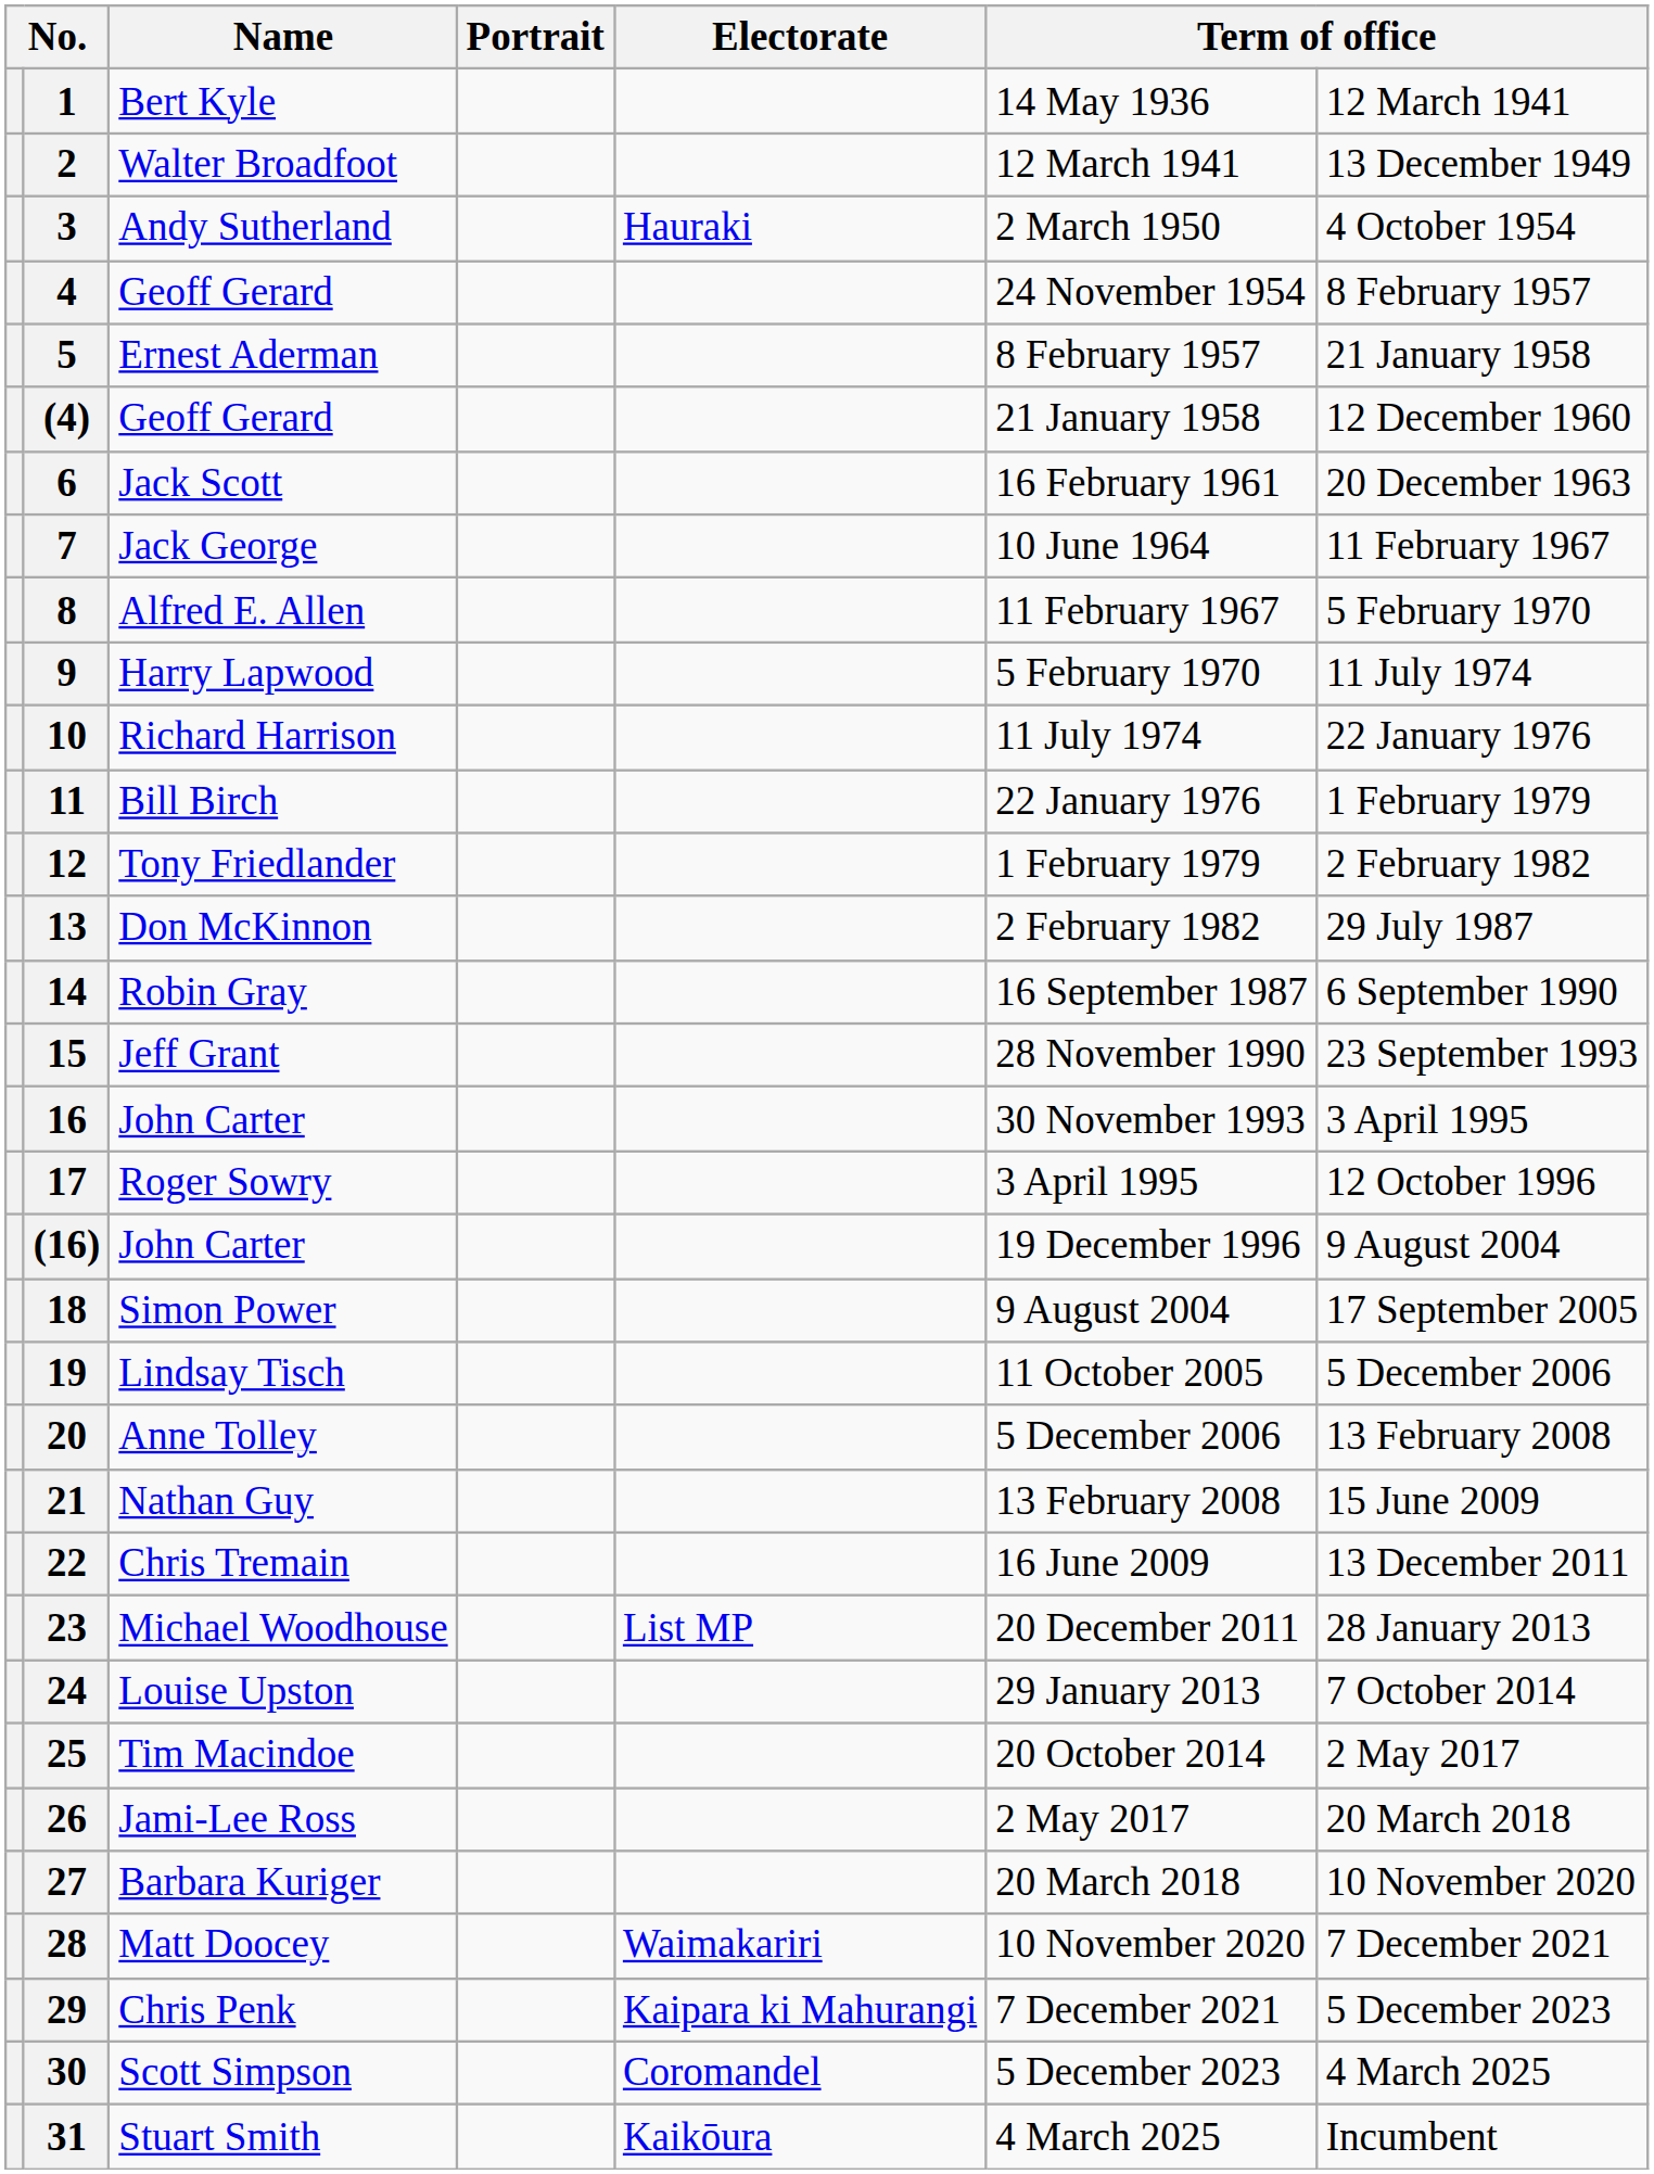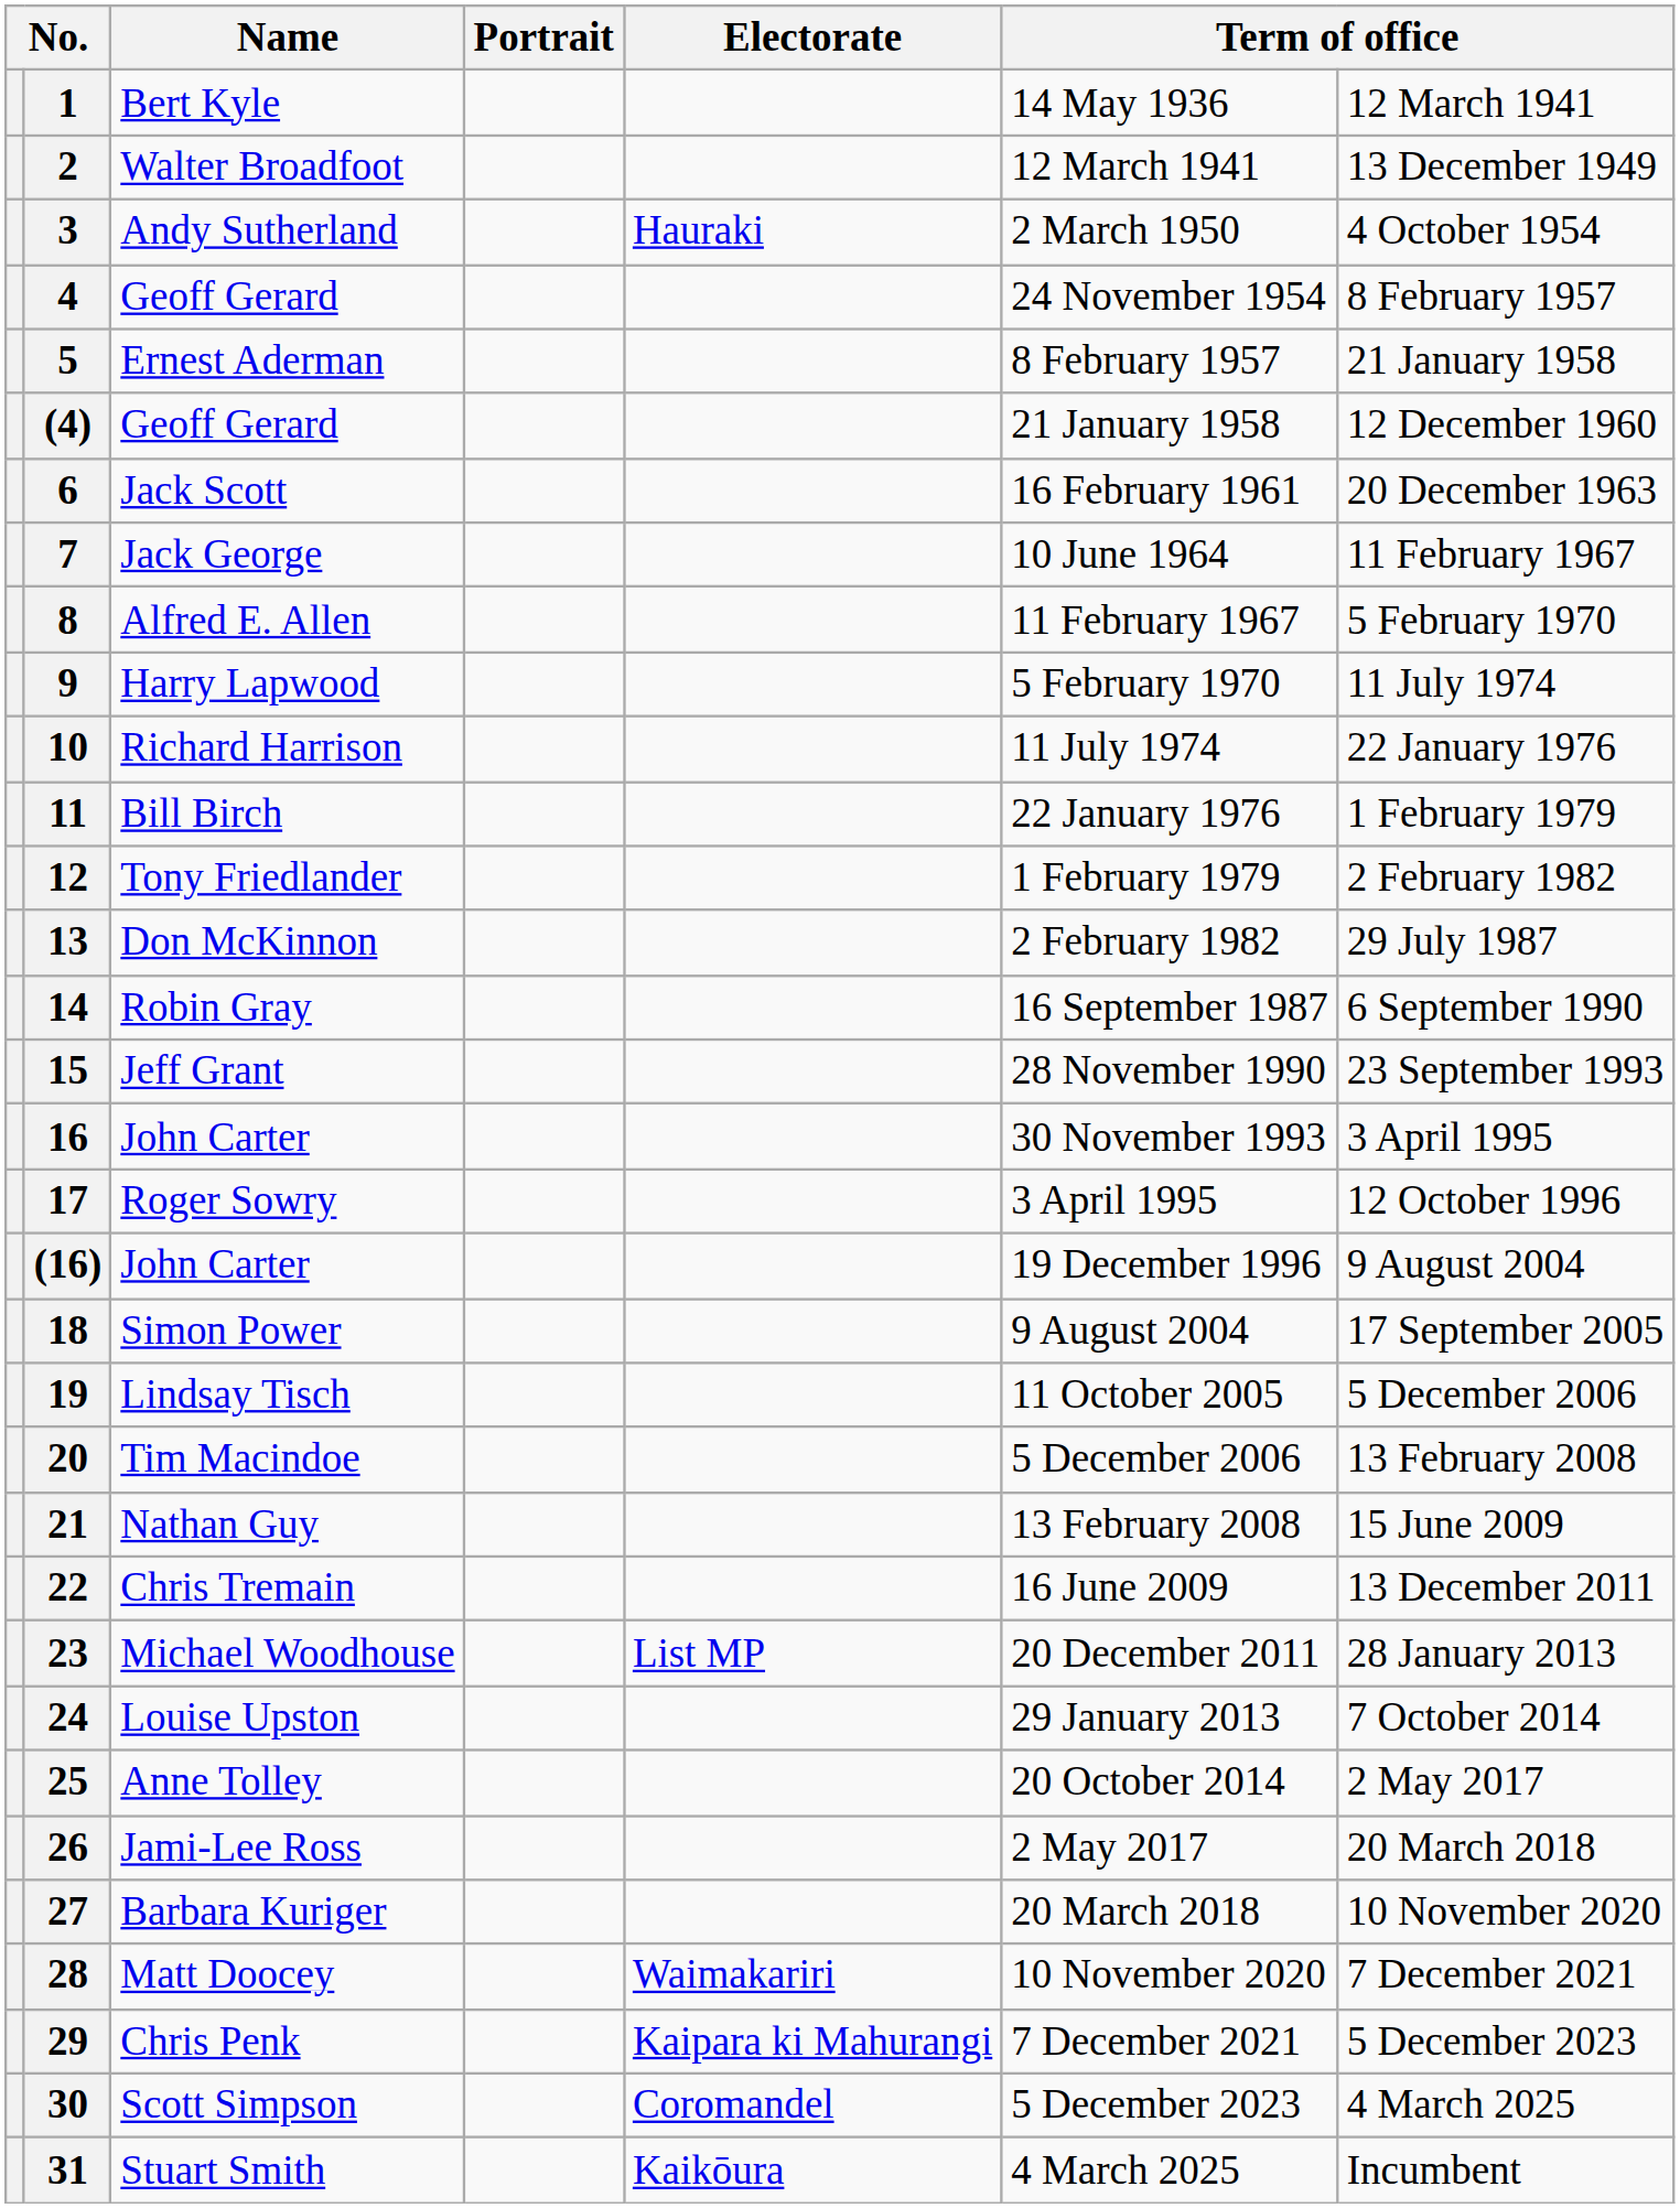 <table class="wikitable">
 <tr>
 <th colspan=2>No.</th>
 <th>Name</th>
 <th>Portrait</th>
 <th>Electorate</th>
 <th colspan=2>Term  of office</th>
 </tr>
 <tr>
 <th style="background:"></th>
 <th>1</th>
 <td><a href='#'>Bert Kyle</a></td>
 <td></td>
 <td></td>
 <td>14 May 1936</td>
 <td>12 March 1941</td>
 </tr>
 <tr>
 <th style="background:"></th>
 <th>2</th>
 <td><a href='#'>Walter Broadfoot</a></td>
 <td></td>
 <td></td>
 <td>12 March 1941</td>
 <td>13 December 1949</td>
 </tr>
 <tr>
 <th style="background:"></th>
 <th>3</th>
 <td><a href='#'>Andy Sutherland</a></td>
 <td></td>
 <td><a href='#'>Hauraki</a></td>
 <td>2 March 1950</td>
 <td>4 October 1954</td>
 </tr>
 <tr>
 <th style="background:"></th>
 <th>4</th>
 <td><a href='#'>Geoff Gerard</a></td>
 <td></td>
 <td></td>
 <td>24 November 1954</td>
 <td>8 February 1957</td>
 </tr>
 <tr>
 <th style="background:"></th>
 <th>5</th>
 <td><a href='#'>Ernest Aderman</a></td>
 <td></td>
 <td></td>
 <td>8 February 1957</td>
 <td>21 January 1958</td>
 </tr>
 <tr>
 <th style="background:"></th>
 <th>(4)</th>
 <td><a href='#'>Geoff Gerard</a></td>
 <td></td>
 <td></td>
 <td>21 January 1958</td>
 <td>12 December 1960</td>
 </tr>
 <tr>
 <th style="background:"></th>
 <th>6</th>
 <td><a href='#'>Jack Scott</a></td>
 <td></td>
 <td></td>
 <td>16 February 1961</td>
 <td>20 December 1963</td>
 </tr>
 <tr>
 <th style="background:"></th>
 <th>7</th>
 <td><a href='#'>Jack George</a></td>
 <td></td>
 <td></td>
 <td>10 June 1964</td>
 <td>11 February 1967</td>
 </tr>
 <tr>
 <th style="background:"></th>
 <th>8</th>
 <td><a href='#'>Alfred E. Allen</a></td>
 <td></td>
 <td></td>
 <td>11 February 1967</td>
 <td>5 February 1970</td>
 </tr>
 <tr>
 <th style="background:"></th>
 <th>9</th>
 <td><a href='#'>Harry Lapwood</a></td>
 <td></td>
 <td></td>
 <td>5 February 1970</td>
 <td>11 July 1974</td>
 </tr>
 <tr>
 <th style="background:"></th>
 <th>10</th>
 <td><a href='#'>Richard Harrison</a></td>
 <td></td>
 <td></td>
 <td>11 July 1974</td>
 <td>22 January 1976</td>
 </tr>
 <tr>
 <th style="background:"></th>
 <th>11</th>
 <td><a href='#'>Bill Birch</a></td>
 <td></td>
 <td></td>
 <td>22 January 1976</td>
 <td>1 February 1979</td>
 </tr>
 <tr>
 <th style="background:"></th>
 <th>12</th>
 <td><a href='#'>Tony Friedlander</a></td>
 <td></td>
 <td></td>
 <td>1 February 1979</td>
 <td>2 February 1982</td>
 </tr>
 <tr>
 <th style="background:"></th>
 <th>13</th>
 <td><a href='#'>Don McKinnon</a></td>
 <td></td>
 <td></td>
 <td>2 February 1982</td>
 <td>29 July 1987</td>
 </tr>
 <tr>
 <th style="background:"></th>
 <th>14</th>
 <td><a href='#'>Robin Gray</a></td>
 <td></td>
 <td></td>
 <td>16 September 1987</td>
 <td>6 September 1990</td>
 </tr>
 <tr>
 <th style="background:"></th>
 <th>15</th>
 <td><a href='#'>Jeff Grant</a></td>
 <td></td>
 <td></td>
 <td>28 November 1990</td>
 <td>23 September 1993</td>
 </tr>
 <tr>
 <th style="background:"></th>
 <th>16</th>
 <td><a href='#'>John Carter</a></td>
 <td></td>
 <td></td>
 <td>30 November 1993</td>
 <td>3 April 1995</td>
 </tr>
 <tr>
 <th style="background:"></th>
 <th>17</th>
 <td><a href='#'>Roger Sowry</a></td>
 <td></td>
 <td></td>
 <td>3 April 1995</td>
 <td>12 October 1996</td>
 </tr>
 <tr>
 <th style="background:"></th>
 <th>(16)</th>
 <td><a href='#'>John Carter</a></td>
 <td></td>
 <td></td>
 <td>19 December 1996</td>
 <td>9 August 2004</td>
 </tr>
 <tr>
 <th style="background:"></th>
 <th>18</th>
 <td><a href='#'>Simon Power</a></td>
 <td></td>
 <td></td>
 <td>9 August 2004</td>
 <td>17 September 2005</td>
 </tr>
 <tr>
 <th style="background:"></th>
 <th>19</th>
 <td><a href='#'>Lindsay Tisch</a></td>
 <td></td>
 <td></td>
 <td>11 October 2005</td>
 <td>5 December 2006</td>
 </tr>
 <tr>
 <th style="background:"></th>
 <th>20</th>
-<td><a href='#'>Anne Tolley</a></td>
+<td><a href='#'>Tim Macindoe</a></td>
 <td></td>
 <td></td>
 <td>5 December 2006</td>
 <td>13 February 2008</td>
 </tr>
 <tr>
 <th style="background:"></th>
 <th>21</th>
 <td><a href='#'>Nathan Guy</a></td>
 <td></td>
 <td></td>
 <td>13 February 2008</td>
 <td>15 June 2009</td>
 </tr>
 <tr>
 <th style="background:"></th>
 <th>22</th>
 <td><a href='#'>Chris Tremain</a></td>
 <td></td>
 <td></td>
 <td>16 June 2009</td>
 <td>13 December 2011</td>
 </tr>
 <tr>
 <th style="background:"></th>
 <th>23</th>
 <td><a href='#'>Michael Woodhouse</a></td>
 <td></td>
 <td><a href='#'>List MP</a></td>
 <td>20 December 2011</td>
 <td>28 January 2013</td>
 </tr>
 <tr>
 <th style="background:"></th>
 <th>24</th>
 <td><a href='#'>Louise Upston</a></td>
 <td></td>
 <td></td>
 <td>29 January 2013</td>
 <td>7 October 2014</td>
 </tr>
 <tr>
 <th style="background:"></th>
 <th>25</th>
-<td><a href='#'>Tim Macindoe</a></td>
+<td><a href='#'>Anne Tolley</a></td>
 <td></td>
 <td></td>
 <td>20 October 2014</td>
 <td>2 May 2017</td>
 </tr>
 <tr>
 <th style="background:"></th>
 <th>26</th>
 <td><a href='#'>Jami-Lee Ross</a></td>
 <td></td>
 <td></td>
 <td>2 May 2017</td>
 <td>20 March 2018</td>
 </tr>
 <tr>
 <th style="background:"></th>
 <th>27</th>
 <td><a href='#'>Barbara Kuriger</a></td>
 <td></td>
 <td></td>
 <td>20 March 2018</td>
 <td>10 November 2020</td>
 </tr>
 <tr>
 <th style="background:"></th>
 <th>28</th>
 <td><a href='#'>Matt Doocey</a></td>
 <td></td>
 <td><a href='#'>Waimakariri</a></td>
 <td>10 November 2020</td>
 <td>7 December 2021</td>
 </tr>
 <tr>
 <th style="background:"></th>
 <th>29</th>
 <td><a href='#'>Chris Penk</a></td>
 <td></td>
 <td><a href='#'>Kaipara ki Mahurangi</a></td>
 <td>7 December 2021</td>
 <td>5 December 2023</td>
 </tr>
 <tr>
 <th style="background:"></th>
 <th>30</th>
 <td><a href='#'>Scott Simpson</a></td>
 <td></td>
 <td><a href='#'>Coromandel</a></td>
 <td>5 December 2023</td>
 <td>4 March 2025</td>
 </tr>
 <tr>
 <th style="background:"></th>
 <th>31</th>
 <td><a href='#'>Stuart Smith</a></td>
 <td></td>
 <td><a href='#'>Kaikōura</a></td>
 <td>4 March 2025</td>
 <td>Incumbent</td>
 </tr>
 </table>
